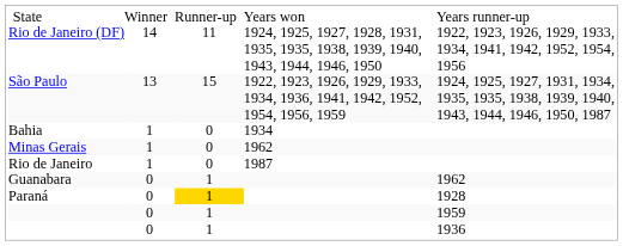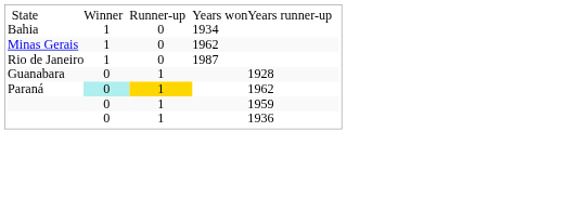 <table border="0" cellspacing=0 cellpadding="0" style="bordercollapse:collapse;border:#aaa solid 1px;vertical-align:top;padding:3px ">
 <tr style="vertical-align:Top" style="background: #069;color:#fff; font-weight:bold">
 <td style="padding-left:5px">State</td>
 <td>Winner  </td>
 <td>Runner-up  </td>
 <td>Years won</td>
 <td>Years runner-up  </td>
-</tr>
-<tr |- style="vertical-align:top">
-<td><a href='#'>Rio de Janeiro (DF)</a></td>
-<td align=center>14</td>
-<td align=center>11</td>
-<td>1924, 1925, 1927, 1928, 1931,    <br>1935, 1935, 1938, 1939, 1940,    <br>1943, 1944, 1946, 1950</td>
-<td>1922, 1923, 1926, 1929, 1933,<br> 1934, 1941, 1942, 1952, 1954,<br> 1956</td>
-</tr>
-<tr style="vertical-align:top;background:#f9f9f9">
-<td><a href='#'>São Paulo</a></td>
-<td align=center>13</td>
-<td align=center>15</td>
-<td>1922, 1923, 1926, 1929, 1933,<br> 1934, 1936, 1941, 1942, 1952,<br> 1954, 1956, 1959</td>
-<td>1924, 1925, 1927, 1931, 1934,<br>1935, 1935, 1938, 1939, 1940,<br> 1943, 1944, 1946, 1950, 1987</td>
 </tr>
 <tr>
 <td>Bahia</td>
 <td align=center>1</td>
 <td align=center>0</td>
 <td>1934</td>
 <td></td>
 </tr>
 <tr style="vertical-align:top;background:#f9f9f9">
 <td><a href='#'>Minas Gerais</a></td>
 <td align=center>1</td>
 <td align=center>0</td>
 <td>1962</td>
 <td></td>
 </tr>
 <tr>
 <td>Rio de Janeiro</td>
 <td align=center>1</td>
 <td align=center>0</td>
 <td>1987</td>
 <td></td>
 </tr>
 <tr style="vertical-align:top;background:#f9f9f9">
 <td>Guanabara</td>
 <td align=center>0</td>
 <td align=center>1</td>
 <td></td>
-<td>1962</td>
+<td>1928</td>
 </tr>
 <tr>
 <td>Paraná</td>
-<td align=center>0</td>
+<td align=center style="background: paleturquoise;">0</td>
 <td align=center style="background: gold;">1</td>
 <td></td>
-<td>1928</td>
+<td>1962</td>
 </tr>
 <tr style="vertical-align:top;background:#f9f9f9">
 <td></td>
 <td align=center>0</td>
 <td align=center>1</td>
 <td></td>
 <td>1959</td>
 </tr>
 <tr>
 <td></td>
 <td align=center>0</td>
 <td align=center>1</td>
 <td></td>
 <td>1936</td>
 </tr>
 </table>
